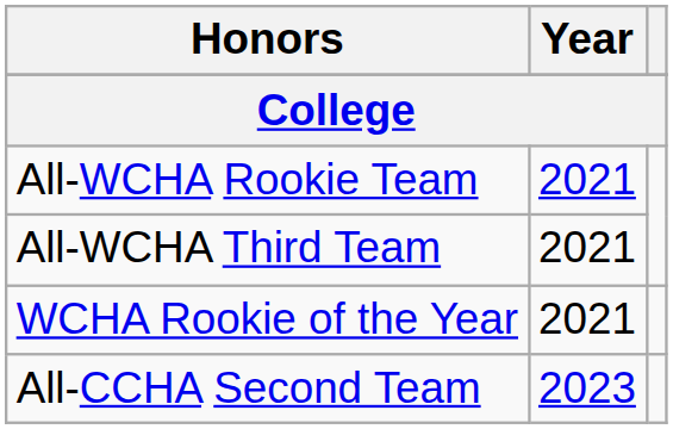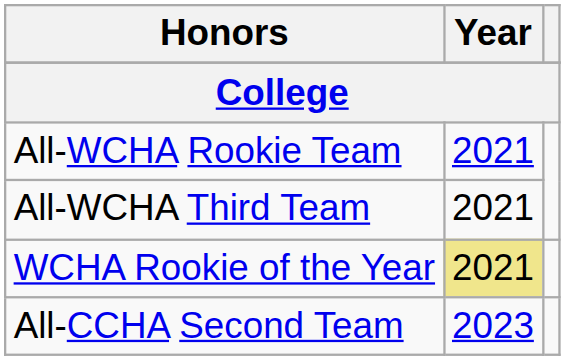 <table class="wikitable">
 <tr>
 <th>Honors</th>
 <th>Year</th>
 <th></th>
 </tr>
 <tr>
 </tr>
 <tr>
 <th colspan="3"><a href='#'>College</a></th>
 </tr>
 <tr>
 <td>All-<a href='#'>WCHA</a> <a href='#'>Rookie Team</a></td>
 <td><a href='#'>2021</a></td>
 <td rowspan="2"></td>
 </tr>
 <tr>
 <td>All-WCHA <a href='#'>Third Team</a></td>
 <td>2021</td>
 </tr>
 <tr>
 <td><a href='#'>WCHA Rookie of the Year</a></td>
-<td>2021</td>
+<td style="background: khaki;">2021</td>
 <td></td>
 </tr>
 <tr>
 <td>All-<a href='#'>CCHA</a> <a href='#'>Second Team</a></td>
 <td><a href='#'>2023</a></td>
 <td></td>
 </tr>
 </table>
